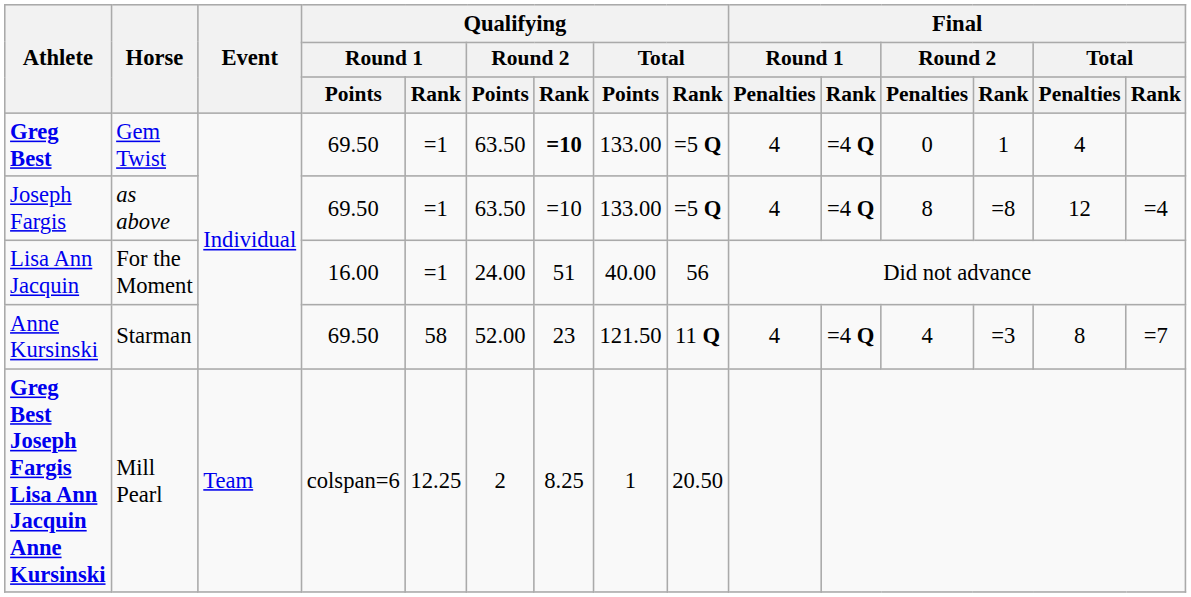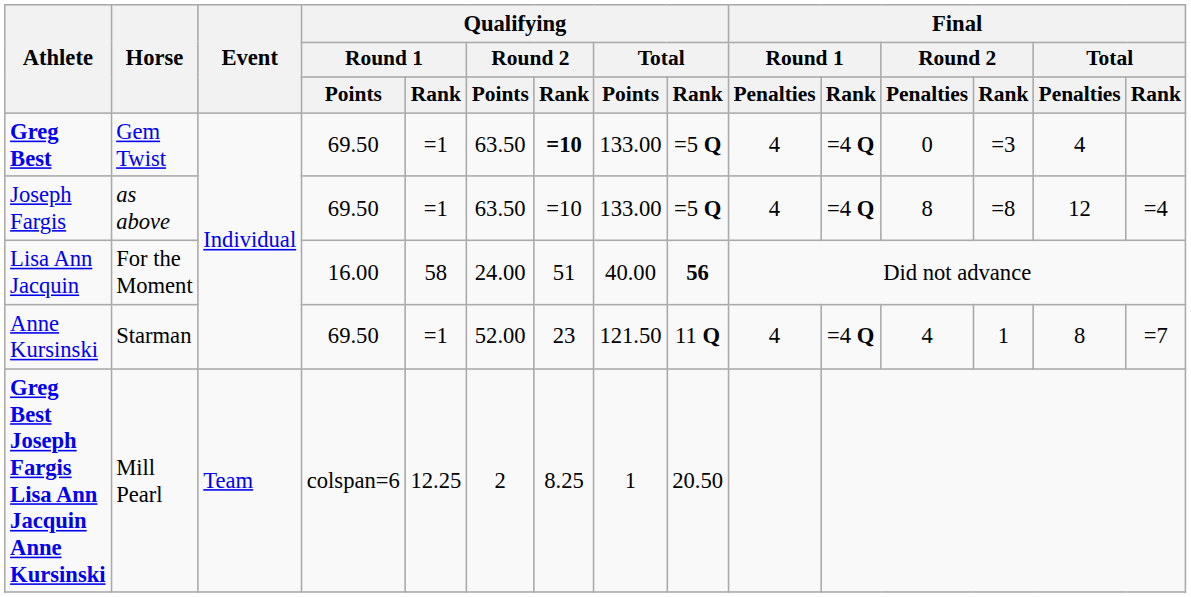 <table class=wikitable style=font-size:90%;text-align:center>
 <tr>
 <th rowspan=3>Athlete</th>
 <th rowspan=3>Horse</th>
 <th rowspan=3>Event</th>
 <th colspan=6>Qualifying</th>
 <th colspan=6>Final</th>
 </tr>
 <tr style=font-size:95%>
 <th colspan=2>Round 1</th>
 <th colspan=2>Round 2</th>
 <th colspan=2>Total</th>
 <th colspan=2>Round 1</th>
 <th colspan=2>Round 2</th>
 <th colspan=2>Total</th>
 </tr>
 <tr style=font-size:95%>
 <th>Points</th>
 <th>Rank</th>
 <th>Points</th>
 <th>Rank</th>
 <th>Points</th>
 <th>Rank</th>
 <th>Penalties</th>
 <th>Rank</th>
 <th>Penalties</th>
 <th>Rank</th>
 <th>Penalties</th>
 <th>Rank</th>
 </tr>
 <tr>
 <td align=left><strong><a href='#'>Greg Best</a></strong></td>
 <td align=left><a href='#'>Gem Twist</a></td>
 <td align=left rowspan=4><a href='#'>Individual</a></td>
 <td>69.50</td>
 <td>=1</td>
 <td>63.50</td>
 <td><strong>=10</strong></td>
 <td>133.00</td>
 <td>=5 <strong>Q</strong></td>
 <td>4</td>
 <td>=4 <strong>Q</strong></td>
 <td>0</td>
-<td>1</td>
+<td>=3</td>
 <td>4</td>
 <td></td>
 </tr>
 <tr>
 <td align=left><a href='#'>Joseph Fargis</a></td>
 <td align=left><em>as above</em></td>
 <td>69.50</td>
 <td>=1</td>
 <td>63.50</td>
 <td>=10</td>
 <td>133.00</td>
 <td>=5 <strong>Q</strong></td>
 <td>4</td>
 <td>=4 <strong>Q</strong></td>
 <td>8</td>
 <td>=8</td>
 <td>12</td>
 <td>=4</td>
 </tr>
 <tr>
 <td align=left><a href='#'>Lisa Ann Jacquin</a></td>
 <td align=left>For the Moment</td>
 <td>16.00</td>
-<td>=1</td>
+<td>58</td>
 <td>24.00</td>
 <td>51</td>
 <td>40.00</td>
-<td>56</td>
+<td><strong>56</strong></td>
 <td colspan=6>Did not advance</td>
 </tr>
 <tr>
 <td align=left><a href='#'>Anne Kursinski</a></td>
 <td align=left>Starman</td>
 <td>69.50</td>
-<td>58</td>
+<td>=1</td>
 <td>52.00</td>
 <td>23</td>
 <td>121.50</td>
 <td>11 <strong>Q</strong></td>
 <td>4</td>
 <td>=4 <strong>Q</strong></td>
 <td>4</td>
-<td>=3</td>
+<td>1</td>
 <td>8</td>
 <td>=7</td>
 </tr>
 <tr>
 <td align=left><strong><a href='#'>Greg Best</a><br><a href='#'>Joseph Fargis</a><br><a href='#'>Lisa Ann Jacquin</a><br><a href='#'>Anne Kursinski</a></strong></td>
 <td align=left>Mill Pearl</td>
 <td align=left><a href='#'>Team</a></td>
 <td>colspan=6 </td>
 <td>12.25</td>
 <td>2</td>
 <td>8.25</td>
 <td>1</td>
 <td>20.50</td>
 <td></td>
 </tr>
 </table>
